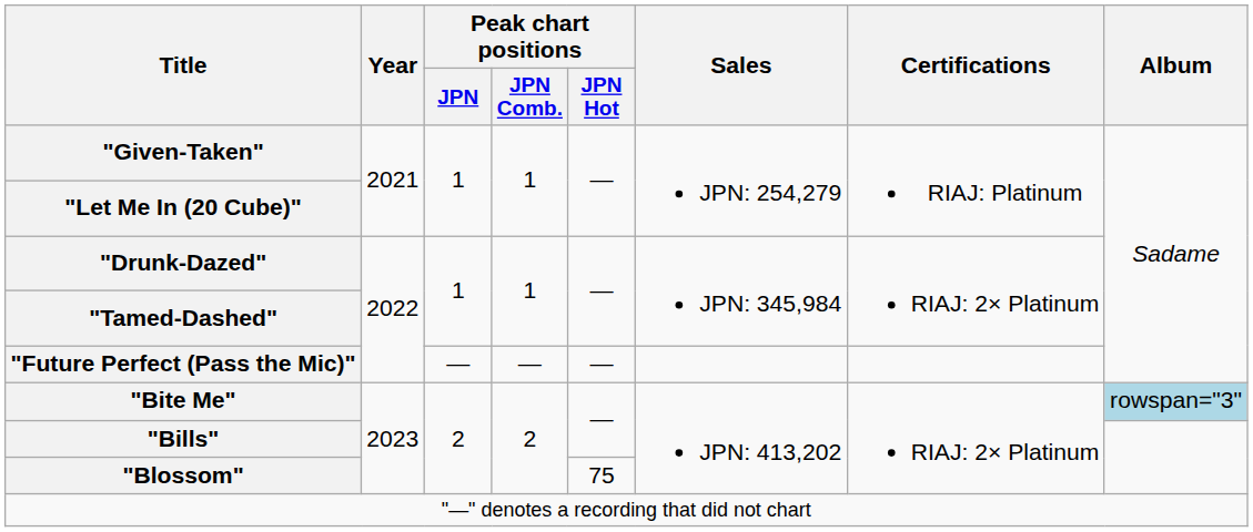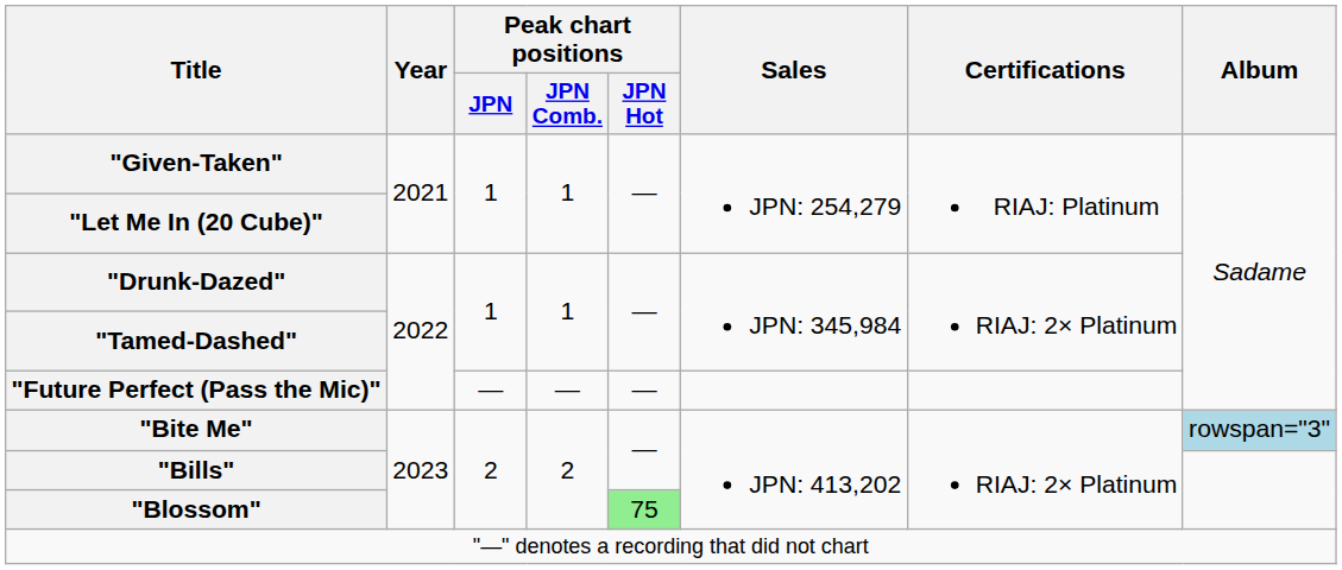 <table class="wikitable plainrowheaders" style="text-align:center;">
 <tr>
 <th scope="col" rowspan="2">Title</th>
 <th scope="col" rowspan="2">Year</th>
 <th scope="col" colspan="3">Peak chart positions</th>
 <th scope="col" rowspan="2">Sales</th>
 <th scope="col" rowspan="2">Certifications</th>
 <th scope="col" rowspan="2">Album</th>
 </tr>
 <tr>
 <th scope="col" style="width:2.75em;font-size:90%;"><a href='#'>JPN</a><br></th>
 <th scope="col" style="width:2.75em;font-size:90%;"><a href='#'>JPN<br>Comb.</a><br></th>
 <th scope="col" style="width:2.75em;font-size:90%;"><a href='#'>JPN<br>Hot</a><br></th>
 </tr>
 <tr>
 <th scope="row">"Given-Taken"</th>
 <td rowspan="2">2021</td>
 <td rowspan="2">1</td>
 <td rowspan="2">1</td>
 <td rowspan="2">—</td>
 <td rowspan="2"><br><ul><li>JPN: 254,279 </li></ul></td>
 <td rowspan="2"><br><ul><li>RIAJ: Platinum </li></ul></td>
 <td rowspan="5"><em>Sadame</em></td>
 </tr>
 <tr>
 <th scope="row">"Let Me In (20 Cube)"</th>
 </tr>
 <tr>
 <th scope="row">"Drunk-Dazed"</th>
 <td rowspan="3">2022</td>
 <td rowspan="2">1</td>
 <td rowspan="2">1</td>
 <td rowspan="2">—</td>
 <td rowspan="2"><br><ul><li>JPN: 345,984 </li></ul></td>
 <td rowspan="2"><br><ul><li>RIAJ: 2× Platinum </li></ul></td>
 </tr>
 <tr>
 <th scope="row">"Tamed-Dashed"</th>
 </tr>
 <tr>
 <th scope="row">"Future Perfect (Pass the Mic)"</th>
 <td>—</td>
 <td>—</td>
 <td>—</td>
 <td></td>
 <td></td>
 </tr>
 <tr>
 <th scope="row">"Bite Me"</th>
 <td rowspan="3">2023</td>
 <td rowspan="3">2</td>
 <td rowspan="3">2</td>
 <td rowspan="2">—</td>
 <td rowspan="3"><br><ul><li>JPN: 413,202 </li></ul></td>
 <td rowspan="3"><br><ul><li>RIAJ: 2× Platinum </li></ul></td>
 <td style="background: lightblue;">rowspan="3" </td>
 </tr>
 <tr>
 <th scope="row">"Bills"</th>
 </tr>
 <tr>
 <th scope="row">"Blossom"</th>
-<td>75</td>
+<td style="background: lightgreen;">75</td>
 </tr>
 <tr>
 <td colspan="13" style="font-size:85%">"—" denotes a recording that did not chart</td>
 </tr>
 </table>
